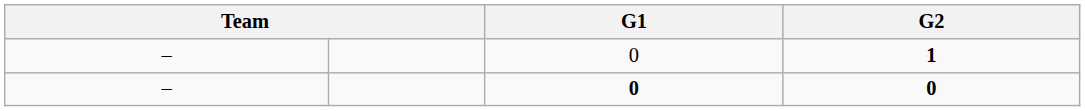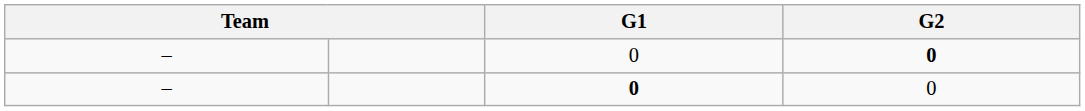 <table class="wikitable" style="font-size:90%; width: 60%; text-align: center">
 <tr>
 <th colspan=2>Team</th>
 <th>G1</th>
 <th>G2</th>
 </tr>
 <tr>
 <td>–</td>
 <td><strong></strong></td>
 <td>0</td>
-<td><strong>1</strong></td>
+<td><strong>0</strong></td>
 </tr>
 <tr>
 <td>–</td>
 <td></td>
 <td><strong>0</strong></td>
-<td><strong>0</strong></td>
+<td>0</td>
 </tr>
 </table>
